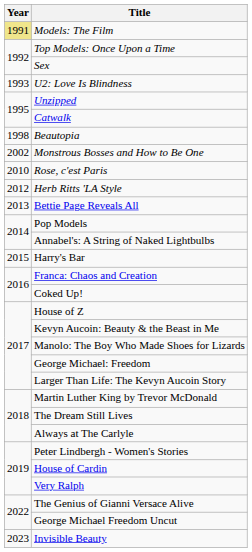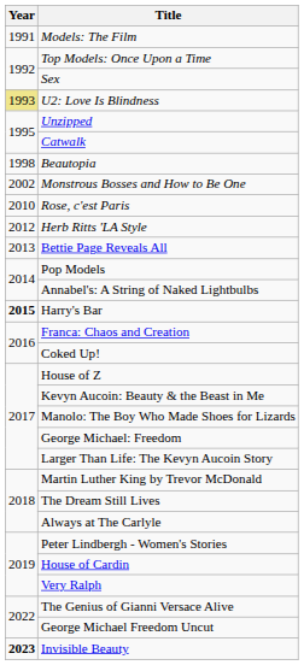 <table class="wikitable sortable">
 <tr>
 <th>Year</th>
 <th>Title</th>
 </tr>
 <tr>
-<td style="background: khaki;">1991</td>
+<td>1991</td>
 <td><em>Models: The Film</em></td>
 </tr>
 <tr>
 <td rowspan="2">1992</td>
 <td><em>Top Models: Once Upon a Time</em></td>
 </tr>
 <tr>
 <td><em>Sex</em></td>
 </tr>
 <tr>
-<td>1993</td>
+<td style="background: khaki;">1993</td>
 <td><em>U2: Love Is Blindness</em></td>
 </tr>
 <tr>
 <td rowspan="2">1995</td>
 <td><em><a href='#'>Unzipped</a></em></td>
 </tr>
 <tr>
 <td><em><a href='#'>Catwalk</a></em></td>
 </tr>
 <tr>
 <td>1998</td>
 <td><em>Beautopia</em></td>
 </tr>
 <tr>
 <td>2002</td>
 <td><em>Monstrous Bosses and How to Be One</em></td>
 </tr>
 <tr>
 <td>2010</td>
 <td><em>Rose, c'est Paris</em></td>
 </tr>
 <tr>
 <td>2012</td>
 <td><em>Herb Ritts 'LA Style<strong></td>
 </tr>
 <tr>
 <td>2013</td>
 <td></em><a href='#'>Bettie Page Reveals All</a><em></td>
 </tr>
 <tr>
 <td rowspan="2">2014</td>
 <td></em>Pop Models<em></td>
 </tr>
 <tr>
 <td></em>Annabel's: A String of Naked Lightbulbs<em></td>
 </tr>
 <tr>
-<td>2015</td>
+<td><strong>2015</strong></td>
 <td></em>Harry's Bar<em></td>
 </tr>
 <tr>
 <td rowspan="2">2016</td>
 <td></em><a href='#'>Franca: Chaos and Creation</a><em></td>
 </tr>
 <tr>
 <td></em>Coked Up!<em></td>
 </tr>
 <tr>
 <td rowspan="5">2017</td>
 <td></em>House of Z<em></td>
 </tr>
 <tr>
 <td></em>Kevyn Aucoin: Beauty & the Beast in Me<em></td>
 </tr>
 <tr>
 <td></em>Manolo: The Boy Who Made Shoes for Lizards<em></td>
 </tr>
 <tr>
 <td></em>George Michael: Freedom<em></td>
 </tr>
 <tr>
 <td></em>Larger Than Life: The Kevyn Aucoin Story<em></td>
 </tr>
 <tr>
 <td rowspan="3">2018</td>
 <td></em>Martin Luther King by Trevor McDonald<em></td>
 </tr>
 <tr>
 <td></em>The Dream Still Lives<em></td>
 </tr>
 <tr>
 <td></em>Always at The Carlyle<em></td>
 </tr>
 <tr>
 <td rowspan="3">2019</td>
 <td></em>Peter Lindbergh - Women's Stories<em></td>
 </tr>
 <tr>
 <td></em><a href='#'>House of Cardin</a><em></td>
 </tr>
 <tr>
 <td></em><a href='#'>Very Ralph</a><em></td>
 </tr>
 <tr>
 <td rowspan="2">2022</td>
 <td></em>The Genius of Gianni Versace Alive<em></td>
 </tr>
 <tr>
 <td></em>George Michael Freedom Uncut<em></td>
 </tr>
 <tr>
-<td>2023</td>
+<td><strong>2023</strong></td>
 <td></em><a href='#'>Invisible Beauty</a><em></td>
 </tr>
 </table>
